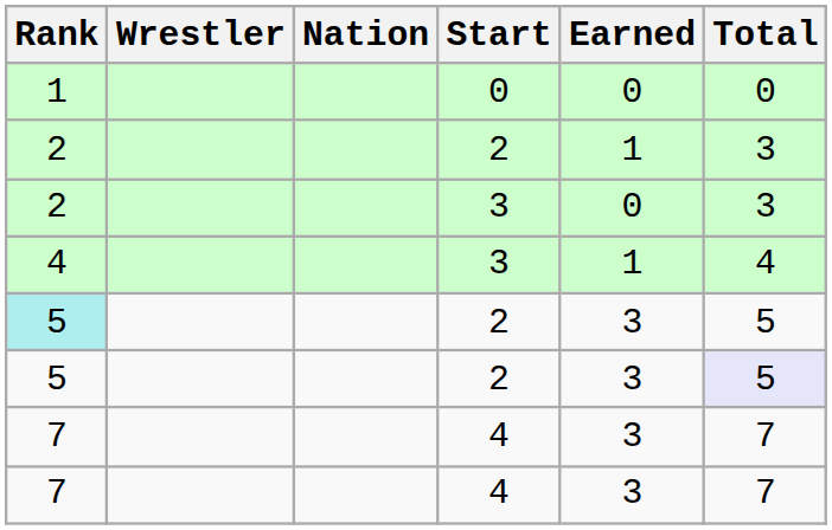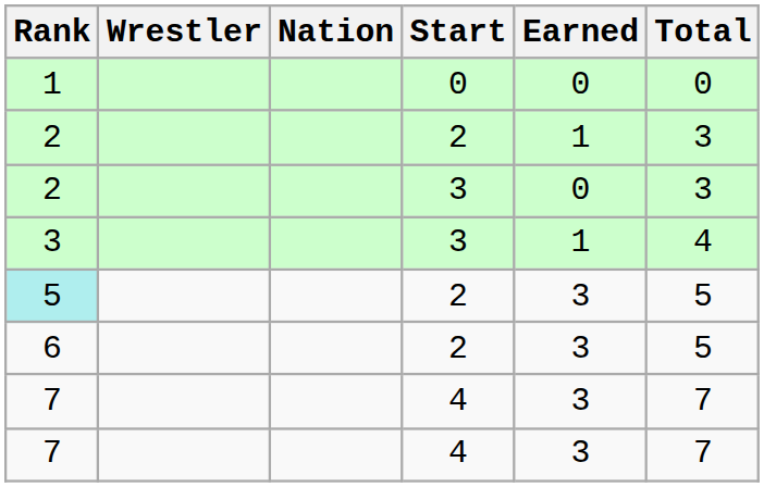 <table class="wikitable sortable" style="text-align:center;">
 <tr>
 <th>Rank</th>
 <th>Wrestler</th>
 <th>Nation</th>
 <th>Start</th>
 <th>Earned</th>
 <th>Total</th>
 </tr>
 <tr style="background:#cfc;">
 <td>1</td>
 <td align=left></td>
 <td align=left></td>
 <td>0</td>
 <td>0</td>
 <td>0</td>
 </tr>
 <tr style="background:#cfc;">
 <td>2</td>
 <td align=left></td>
 <td align=left></td>
 <td>2</td>
 <td>1</td>
 <td>3</td>
 </tr>
 <tr style="background:#cfc;">
 <td>2</td>
 <td align=left></td>
 <td align=left></td>
 <td>3</td>
 <td>0</td>
 <td>3</td>
 </tr>
 <tr style="background:#cfc;">
-<td>4</td>
+<td>3</td>
 <td align=left></td>
 <td align=left></td>
 <td>3</td>
 <td>1</td>
 <td>4</td>
 </tr>
 <tr>
 <td style="background: paleturquoise;">5</td>
 <td align=left></td>
 <td align=left></td>
 <td>2</td>
 <td>3</td>
 <td>5</td>
 </tr>
 <tr>
-<td>5</td>
+<td>6</td>
 <td align=left></td>
 <td align=left></td>
 <td>2</td>
 <td>3</td>
-<td style="background: lavender;">5</td>
+<td>5</td>
 </tr>
 <tr>
 <td>7</td>
 <td align=left></td>
 <td align=left></td>
 <td>4</td>
 <td>3</td>
 <td>7</td>
 </tr>
 <tr>
 <td>7</td>
 <td align=left></td>
 <td align=left></td>
 <td>4</td>
 <td>3</td>
 <td>7</td>
 </tr>
 </table>
